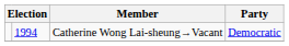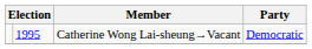 <table class="wikitable">
 <tr>
 <th colspan="2">Election</th>
 <th>Member</th>
 <th>Party</th>
 </tr>
 <tr>
 <td style="color:inherit;background:"></td>
-<td><a href='#'>1994</a></td>
+<td><a href='#'>1995</a></td>
 <td>Catherine Wong Lai-sheung→Vacant</td>
 <td><a href='#'>Democratic</a></td>
 </tr>
 <tr>
 </tr>
 </table>
